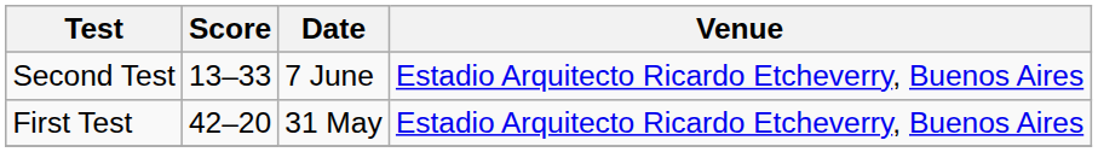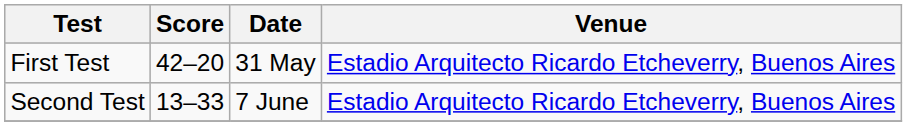 <table class="wikitable">
 <tr>
 <th>Test</th>
 <th>Score</th>
 <th>Date</th>
 <th>Venue</th>
 </tr>
 <tr>
+<td>First Test</td>
+<td align=center>42–20</td>
+<td>31 May</td>
+<td><a href='#'>Estadio Arquitecto Ricardo Etcheverry</a>, <a href='#'>Buenos Aires</a></td>
+</tr>
+<tr>
 <td>Second Test</td>
 <td align="center">13–33</td>
 <td>7 June</td>
 <td><a href='#'>Estadio Arquitecto Ricardo Etcheverry</a>, <a href='#'>Buenos Aires</a></td>
 </tr>
 <tr>
-<td>First Test</td>
-<td align=center>42–20</td>
-<td>31 May</td>
-<td><a href='#'>Estadio Arquitecto Ricardo Etcheverry</a>, <a href='#'>Buenos Aires</a></td>
-</tr>
-<tr>
 </tr>
 </table>
